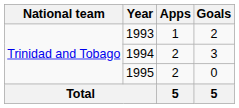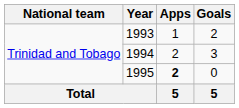 <table class="wikitable" style="text-align:center">
 <tr>
 <th>National team</th>
 <th>Year</th>
 <th>Apps</th>
 <th>Goals</th>
 </tr>
 <tr>
 <td rowspan="3"><a href='#'>Trinidad and Tobago</a></td>
 <td>1993</td>
 <td>1</td>
 <td>2</td>
 </tr>
 <tr>
 <td>1994</td>
 <td>2</td>
 <td>3</td>
 </tr>
 <tr>
 <td>1995</td>
-<td>2</td>
+<td><strong>2</strong></td>
 <td>0</td>
 </tr>
 <tr>
 <th colspan=2>Total</th>
 <th>5</th>
 <th>5</th>
 </tr>
 </table>
